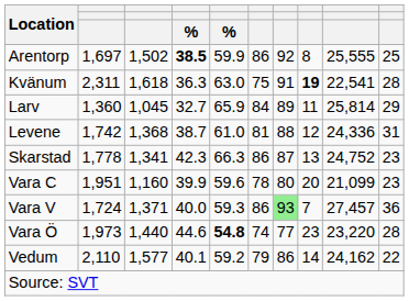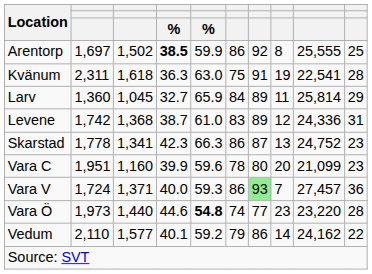 <table role="presentation" class="wikitable sortable mw-collapsible">
 <tr>
 <th rowspan="3">Location</th>
 <th></th>
 <th></th>
 <th></th>
 <th></th>
 <th></th>
 <th></th>
 <th></th>
 <th></th>
 <th></th>
 </tr>
 <tr>
 <th></th>
 <th></th>
 <th style="background:"></th>
 <th style="background:"></th>
 <th></th>
 <th></th>
 <th></th>
 <th></th>
 <th></th>
 </tr>
 <tr>
 <th data-sort-type="number"></th>
 <th data-sort-type="number"></th>
 <th data-sort-type="number">%</th>
 <th data-sort-type="number">%</th>
 <th data-sort-type="number"></th>
 <th data-sort-type="number"></th>
 <th data-sort-type="number"></th>
 <th data-sort-type="number"></th>
 <th data-sort-type="number"></th>
 </tr>
 <tr>
 <td align="left">Arentorp</td>
 <td>1,697</td>
 <td>1,502</td>
 <td><strong>38.5</strong></td>
 <td>59.9</td>
 <td>86</td>
 <td>92</td>
 <td>8</td>
 <td>25,555</td>
 <td>25</td>
 </tr>
 <tr>
 <td align="left">Kvänum</td>
 <td>2,311</td>
 <td>1,618</td>
 <td>36.3</td>
 <td>63.0</td>
 <td>75</td>
 <td>91</td>
-<td><strong>19</strong></td>
+<td>19</td>
 <td>22,541</td>
 <td>28</td>
 </tr>
 <tr>
 <td align="left">Larv</td>
 <td>1,360</td>
 <td>1,045</td>
 <td>32.7</td>
 <td>65.9</td>
 <td>84</td>
 <td>89</td>
 <td>11</td>
 <td>25,814</td>
 <td>29</td>
 </tr>
 <tr>
 <td align="left">Levene</td>
 <td>1,742</td>
 <td>1,368</td>
 <td>38.7</td>
 <td>61.0</td>
-<td>81</td>
-<td>88</td>
+<td>83</td>
+<td>89</td>
 <td>12</td>
 <td>24,336</td>
 <td>31</td>
 </tr>
 <tr>
 <td align="left">Skarstad</td>
 <td>1,778</td>
 <td>1,341</td>
 <td>42.3</td>
 <td>66.3</td>
 <td>86</td>
 <td>87</td>
 <td>13</td>
 <td>24,752</td>
 <td>23</td>
 </tr>
 <tr>
 <td align="left">Vara C</td>
 <td>1,951</td>
 <td>1,160</td>
 <td>39.9</td>
 <td>59.6</td>
 <td>78</td>
 <td>80</td>
 <td>20</td>
 <td>21,099</td>
 <td>23</td>
 </tr>
 <tr>
 <td align="left">Vara V</td>
 <td>1,724</td>
 <td>1,371</td>
 <td>40.0</td>
 <td>59.3</td>
 <td>86</td>
 <td style="background: lightgreen;">93</td>
 <td>7</td>
 <td>27,457</td>
 <td>36</td>
 </tr>
 <tr>
 <td align="left">Vara Ö</td>
 <td>1,973</td>
 <td>1,440</td>
 <td>44.6</td>
 <td><strong>54.8</strong></td>
 <td>74</td>
 <td>77</td>
 <td>23</td>
 <td>23,220</td>
 <td>28</td>
 </tr>
 <tr>
 <td align="left">Vedum</td>
 <td>2,110</td>
 <td>1,577</td>
 <td>40.1</td>
 <td>59.2</td>
 <td>79</td>
 <td>86</td>
 <td>14</td>
 <td>24,162</td>
 <td>22</td>
 </tr>
 <tr>
 <td colspan="10" align="left">Source: <a href='#'>SVT</a></td>
 </tr>
 </table>
